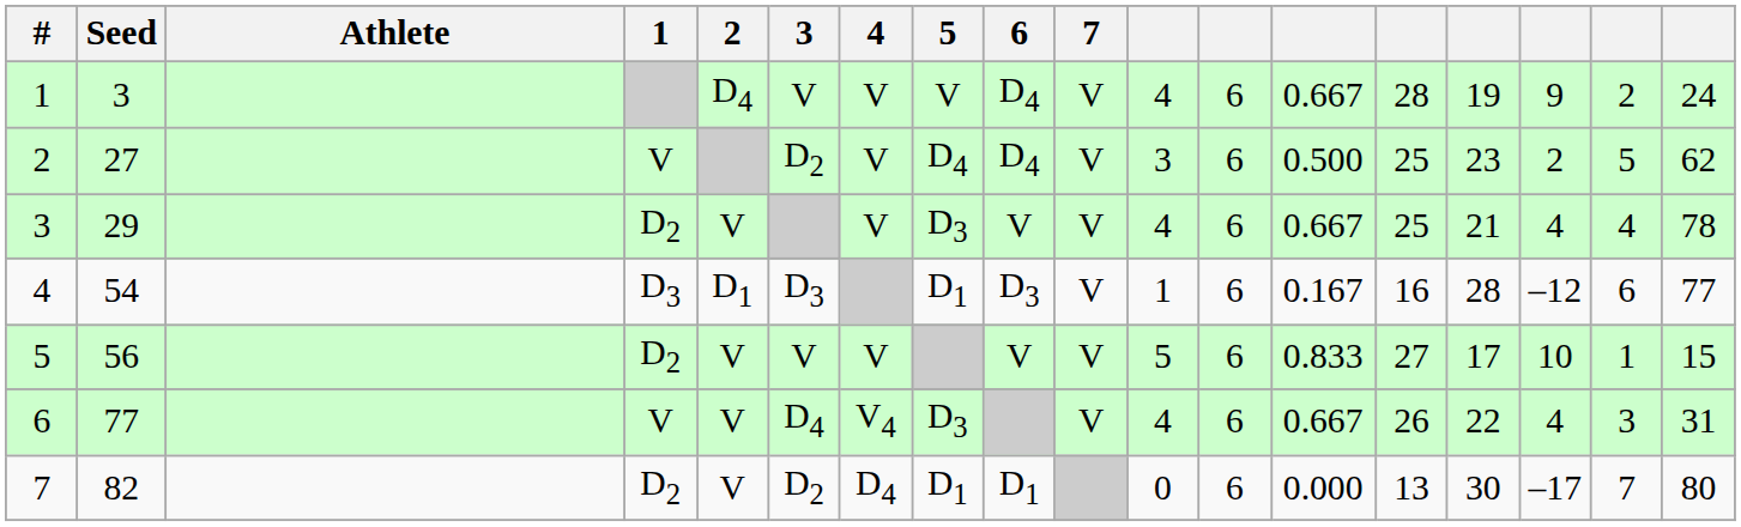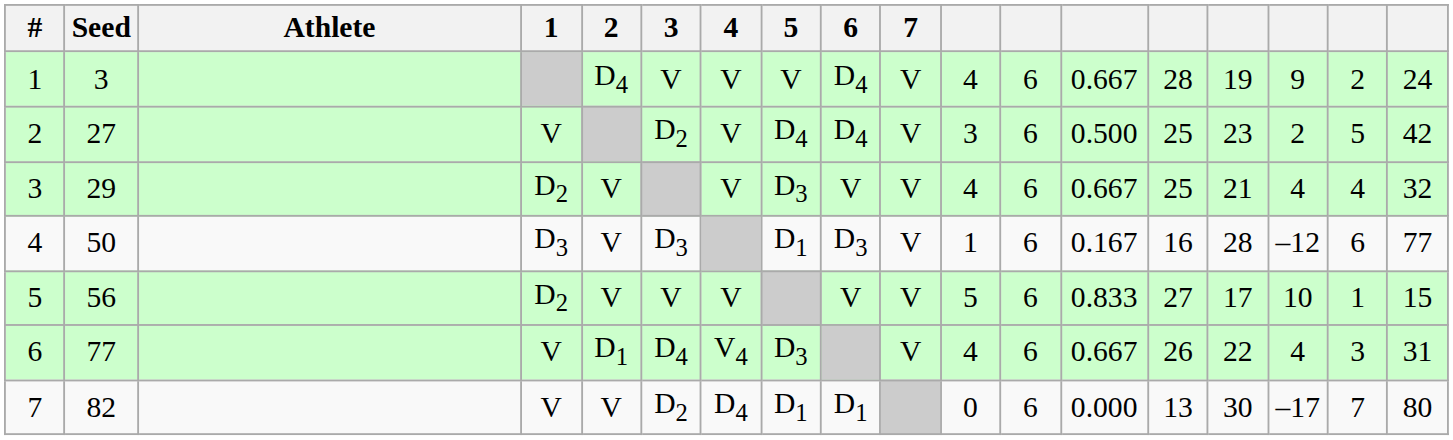 <table class="wikitable" style="text-align:center">
 <tr>
 <th width="25">#</th>
 <th width="25">Seed</th>
 <th width="200">Athlete</th>
 <th width="25">1</th>
 <th width="25">2</th>
 <th width="25">3</th>
 <th width="25">4</th>
 <th width="25">5</th>
 <th width="25">6</th>
 <th width="25">7</th>
 <th width="25"></th>
 <th width="25"></th>
 <th width="40"></th>
 <th width="25"></th>
 <th width="25"></th>
 <th width="25"></th>
 <th width="25"></th>
 <th width="25"></th>
 </tr>
 <tr bgcolor="#ccffcc">
 <td>1</td>
 <td>3</td>
 <td align=left></td>
 <td bgcolor="#cccccc"></td>
 <td>D<sub>4</sub></td>
 <td>V</td>
 <td>V</td>
 <td>V</td>
 <td>D<sub>4</sub></td>
 <td>V</td>
 <td>4</td>
 <td>6</td>
 <td>0.667</td>
 <td>28</td>
 <td>19</td>
 <td>9</td>
 <td>2</td>
 <td>24</td>
 </tr>
 <tr bgcolor="#ccffcc">
 <td>2</td>
 <td>27</td>
 <td align=left></td>
 <td>V</td>
 <td bgcolor="#cccccc"></td>
 <td>D<sub>2</sub></td>
 <td>V</td>
 <td>D<sub>4</sub></td>
 <td>D<sub>4</sub></td>
 <td>V</td>
 <td>3</td>
 <td>6</td>
 <td>0.500</td>
 <td>25</td>
 <td>23</td>
 <td>2</td>
 <td>5</td>
-<td>62</td>
+<td>42</td>
 </tr>
 <tr bgcolor="#ccffcc">
 <td>3</td>
 <td>29</td>
 <td align=left></td>
 <td>D<sub>2</sub></td>
 <td>V</td>
 <td bgcolor="#cccccc"></td>
 <td>V</td>
 <td>D<sub>3</sub></td>
 <td>V</td>
 <td>V</td>
 <td>4</td>
 <td>6</td>
 <td>0.667</td>
 <td>25</td>
 <td>21</td>
 <td>4</td>
 <td>4</td>
-<td>78</td>
+<td>32</td>
 </tr>
 <tr>
 <td>4</td>
-<td>54</td>
+<td>50</td>
 <td align=left></td>
 <td>D<sub>3</sub></td>
-<td>D<sub>1</sub></td>
+<td>V</td>
 <td>D<sub>3</sub></td>
 <td bgcolor="#cccccc"></td>
 <td>D<sub>1</sub></td>
 <td>D<sub>3</sub></td>
 <td>V</td>
 <td>1</td>
 <td>6</td>
 <td>0.167</td>
 <td>16</td>
 <td>28</td>
 <td>–12</td>
 <td>6</td>
 <td>77</td>
 </tr>
 <tr bgcolor="#ccffcc">
 <td>5</td>
 <td>56</td>
 <td align=left></td>
 <td>D<sub>2</sub></td>
 <td>V</td>
 <td>V</td>
 <td>V</td>
 <td bgcolor="#cccccc"></td>
 <td>V</td>
 <td>V</td>
 <td>5</td>
 <td>6</td>
 <td>0.833</td>
 <td>27</td>
 <td>17</td>
 <td>10</td>
 <td>1</td>
 <td>15</td>
 </tr>
 <tr bgcolor="#ccffcc">
 <td>6</td>
 <td>77</td>
 <td align=left></td>
 <td>V</td>
-<td>V</td>
+<td>D<sub>1</sub></td>
 <td>D<sub>4</sub></td>
 <td>V<sub>4</sub></td>
 <td>D<sub>3</sub></td>
 <td bgcolor="#cccccc"></td>
 <td>V</td>
 <td>4</td>
 <td>6</td>
 <td>0.667</td>
 <td>26</td>
 <td>22</td>
 <td>4</td>
 <td>3</td>
 <td>31</td>
 </tr>
 <tr>
 <td>7</td>
 <td>82</td>
 <td align=left></td>
-<td>D<sub>2</sub></td>
+<td>V</td>
 <td>V</td>
 <td>D<sub>2</sub></td>
 <td>D<sub>4</sub></td>
 <td>D<sub>1</sub></td>
 <td>D<sub>1</sub></td>
 <td bgcolor="#cccccc"></td>
 <td>0</td>
 <td>6</td>
 <td>0.000</td>
 <td>13</td>
 <td>30</td>
 <td>–17</td>
 <td>7</td>
 <td>80</td>
 </tr>
 </table>
